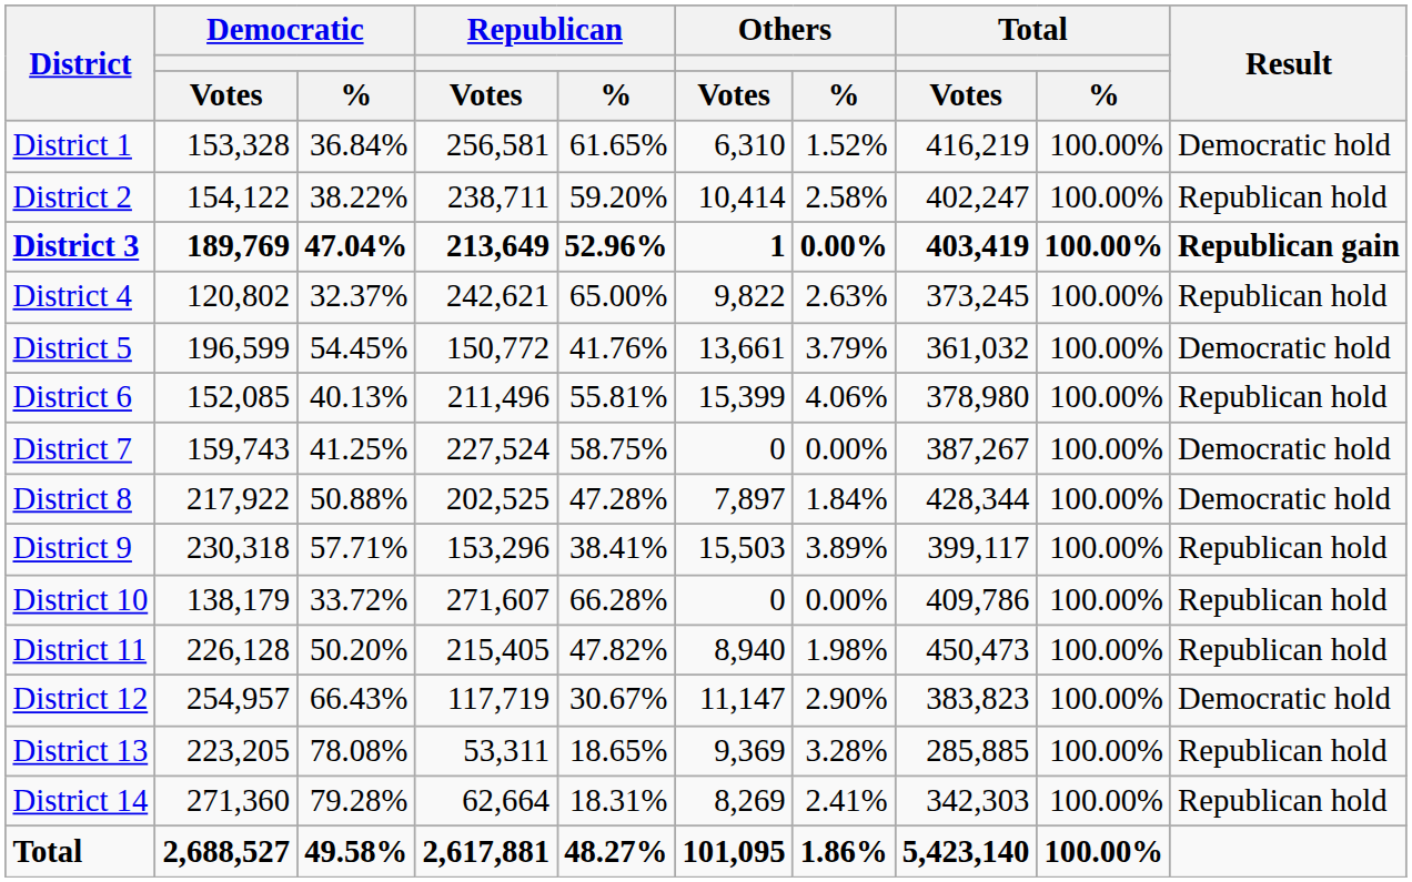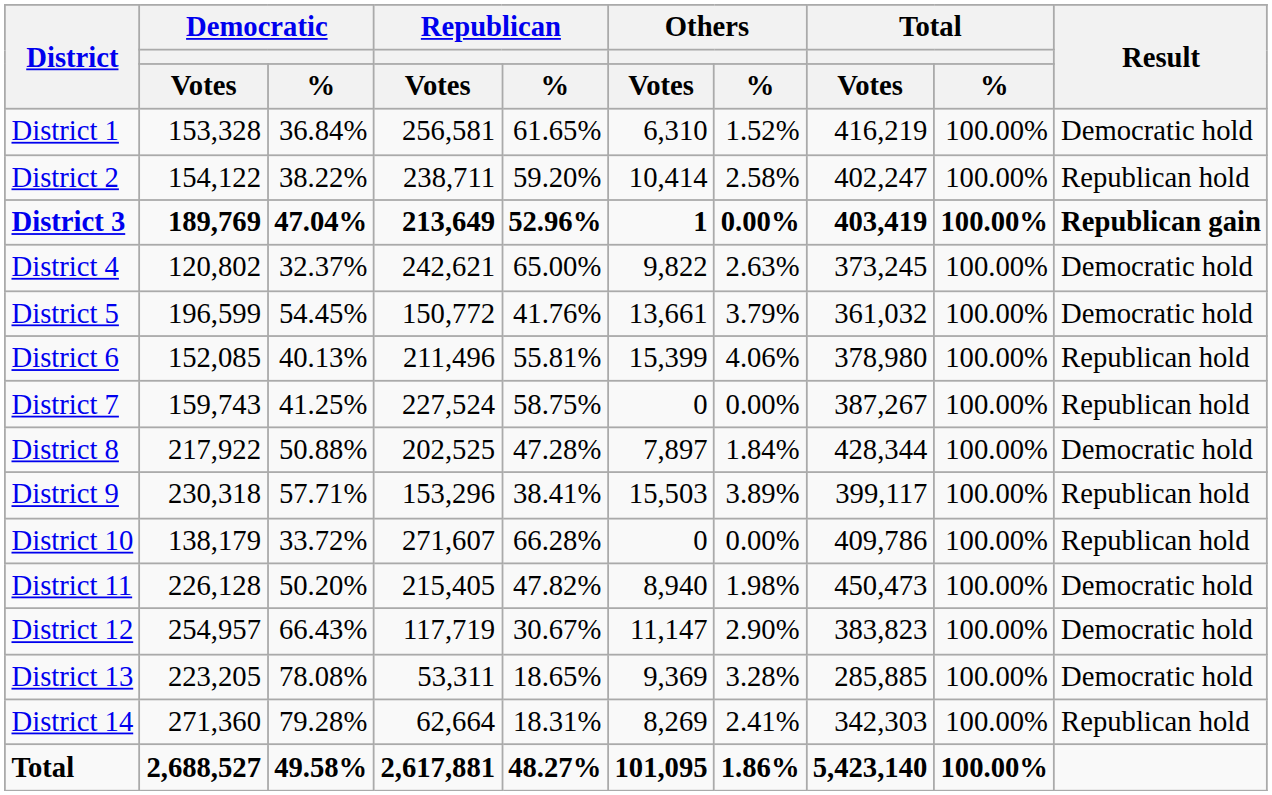 <table class="wikitable plainrowheaders sortable" style="font-size:100%; text-align:right;">
 <tr>
 <th scope=col rowspan=3><a href='#'>District</a></th>
 <th scope=col colspan=2><a href='#'>Democratic</a></th>
 <th scope=col colspan=2><a href='#'>Republican</a></th>
 <th scope=col colspan=2>Others</th>
 <th scope=col colspan=2>Total</th>
 <th scope=col rowspan=3>Result</th>
 </tr>
 <tr>
 <th scope=col colspan=2 style="background:"></th>
 <th scope=col colspan=2 style="background:"></th>
 <th scope=col colspan=2></th>
 <th scope=col colspan=2></th>
 </tr>
 <tr>
 <th scope=col data-sort-type="number">Votes</th>
 <th scope=col data-sort-type="number">%</th>
 <th scope=col data-sort-type="number">Votes</th>
 <th scope=col data-sort-type="number">%</th>
 <th scope=col data-sort-type="number">Votes</th>
 <th scope=col data-sort-type="number">%</th>
 <th scope=col data-sort-type="number">Votes</th>
 <th scope=col data-sort-type="number">%</th>
 </tr>
 <tr>
 <td align=left><a href='#'>District 1</a></td>
 <td>153,328</td>
 <td>36.84%</td>
 <td>256,581</td>
 <td>61.65%</td>
 <td>6,310</td>
 <td>1.52%</td>
 <td>416,219</td>
 <td>100.00%</td>
 <td align=left>Democratic hold</td>
 </tr>
 <tr>
 <td align=left><a href='#'>District 2</a></td>
 <td>154,122</td>
 <td>38.22%</td>
 <td>238,711</td>
 <td>59.20%</td>
 <td>10,414</td>
 <td>2.58%</td>
 <td>402,247</td>
 <td>100.00%</td>
 <td align=left>Republican hold</td>
 </tr>
 <tr>
 <td align=left><strong><a href='#'>District 3</a></strong></td>
 <td><strong>189,769</strong></td>
 <td><strong>47.04%</strong></td>
 <td><strong>213,649</strong></td>
 <td><strong>52.96%</strong></td>
 <td><strong>1</strong></td>
 <td><strong>0.00%</strong></td>
 <td><strong>403,419</strong></td>
 <td><strong>100.00%</strong></td>
 <td align=left><strong>Republican gain</strong></td>
 </tr>
 <tr>
 <td align=left><a href='#'>District 4</a></td>
 <td>120,802</td>
 <td>32.37%</td>
 <td>242,621</td>
 <td>65.00%</td>
 <td>9,822</td>
 <td>2.63%</td>
 <td>373,245</td>
 <td>100.00%</td>
-<td align=left>Republican hold</td>
+<td align=left>Democratic hold</td>
 </tr>
 <tr>
 <td align=left><a href='#'>District 5</a></td>
 <td>196,599</td>
 <td>54.45%</td>
 <td>150,772</td>
 <td>41.76%</td>
 <td>13,661</td>
 <td>3.79%</td>
 <td>361,032</td>
 <td>100.00%</td>
 <td align=left>Democratic hold</td>
 </tr>
 <tr>
 <td align=left><a href='#'>District 6</a></td>
 <td>152,085</td>
 <td>40.13%</td>
 <td>211,496</td>
 <td>55.81%</td>
 <td>15,399</td>
 <td>4.06%</td>
 <td>378,980</td>
 <td>100.00%</td>
 <td align=left>Republican hold</td>
 </tr>
 <tr>
 <td align=left><a href='#'>District 7</a></td>
 <td>159,743</td>
 <td>41.25%</td>
 <td>227,524</td>
 <td>58.75%</td>
 <td>0</td>
 <td>0.00%</td>
 <td>387,267</td>
 <td>100.00%</td>
-<td align=left>Democratic hold</td>
+<td align=left>Republican hold</td>
 </tr>
 <tr>
 <td align=left><a href='#'>District 8</a></td>
 <td>217,922</td>
 <td>50.88%</td>
 <td>202,525</td>
 <td>47.28%</td>
 <td>7,897</td>
 <td>1.84%</td>
 <td>428,344</td>
 <td>100.00%</td>
 <td align=left>Democratic hold</td>
 </tr>
 <tr>
 <td align=left><a href='#'>District 9</a></td>
 <td>230,318</td>
 <td>57.71%</td>
 <td>153,296</td>
 <td>38.41%</td>
 <td>15,503</td>
 <td>3.89%</td>
 <td>399,117</td>
 <td>100.00%</td>
 <td align=left>Republican hold</td>
 </tr>
 <tr>
 <td align=left><a href='#'>District 10</a></td>
 <td>138,179</td>
 <td>33.72%</td>
 <td>271,607</td>
 <td>66.28%</td>
 <td>0</td>
 <td>0.00%</td>
 <td>409,786</td>
 <td>100.00%</td>
 <td align=left>Republican hold</td>
 </tr>
 <tr>
 <td align=left><a href='#'>District 11</a></td>
 <td>226,128</td>
 <td>50.20%</td>
 <td>215,405</td>
 <td>47.82%</td>
 <td>8,940</td>
 <td>1.98%</td>
 <td>450,473</td>
 <td>100.00%</td>
-<td align=left>Republican hold</td>
+<td align=left>Democratic hold</td>
 </tr>
 <tr>
 <td align=left><a href='#'>District 12</a></td>
 <td>254,957</td>
 <td>66.43%</td>
 <td>117,719</td>
 <td>30.67%</td>
 <td>11,147</td>
 <td>2.90%</td>
 <td>383,823</td>
 <td>100.00%</td>
 <td align=left>Democratic hold</td>
 </tr>
 <tr>
 <td align=left><a href='#'>District 13</a></td>
 <td>223,205</td>
 <td>78.08%</td>
 <td>53,311</td>
 <td>18.65%</td>
 <td>9,369</td>
 <td>3.28%</td>
 <td>285,885</td>
 <td>100.00%</td>
-<td align=left>Republican hold</td>
+<td align=left>Democratic hold</td>
 </tr>
 <tr>
 <td align=left><a href='#'>District 14</a></td>
 <td>271,360</td>
 <td>79.28%</td>
 <td>62,664</td>
 <td>18.31%</td>
 <td>8,269</td>
 <td>2.41%</td>
 <td>342,303</td>
 <td>100.00%</td>
 <td align=left>Republican hold</td>
 </tr>
 <tr class="sortbottom" style="font-weight:bold">
 <td align=left>Total</td>
 <td>2,688,527</td>
 <td>49.58%</td>
 <td>2,617,881</td>
 <td>48.27%</td>
 <td>101,095</td>
 <td>1.86%</td>
 <td>5,423,140</td>
 <td>100.00%</td>
 <td></td>
 </tr>
 </table>
